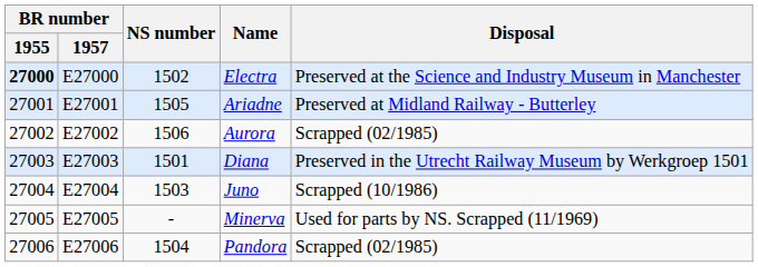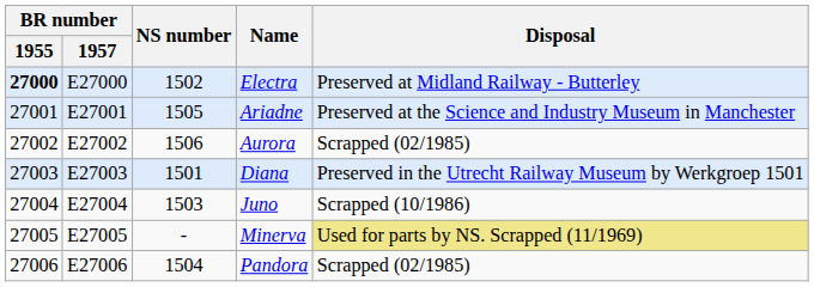 <table class="wikitable">
 <tr>
 <th colspan=2>BR number</th>
 <th rowspan=2>NS number</th>
 <th rowspan=2>Name<br></th>
 <th rowspan=2>Disposal</th>
 </tr>
 <tr>
 <th>1955</th>
 <th>1957</th>
 </tr>
 <tr>
 <td style="background:#deebfc;" align=center><strong>27000</strong></td>
 <td style="background:#deebfc;" align=center>E27000</td>
 <td style="background:#deebfc;" align=center>1502</td>
 <td style="background:#deebfc;"><em><a href='#'>Electra</a></em></td>
-<td style="background:#deebfc;">Preserved at the <a href='#'>Science and Industry Museum</a> in <a href='#'>Manchester</a></td>
+<td style="background:#deebfc;">Preserved at <a href='#'>Midland Railway - Butterley</a></td>
 </tr>
 <tr>
 <td style="background:#deebfc;" align=center>27001</td>
 <td style="background:#deebfc;" align=center>E27001</td>
 <td style="background:#deebfc;" align=center>1505</td>
 <td style="background:#deebfc;"><em><a href='#'>Ariadne</a></em></td>
-<td style="background:#deebfc;">Preserved at <a href='#'>Midland Railway - Butterley</a></td>
+<td style="background:#deebfc;">Preserved at the <a href='#'>Science and Industry Museum</a> in <a href='#'>Manchester</a></td>
 </tr>
 <tr>
 <td align=center>27002</td>
 <td align=center>E27002</td>
 <td align=center>1506</td>
 <td><em><a href='#'>Aurora</a></em></td>
 <td>Scrapped (02/1985)</td>
 </tr>
 <tr>
 <td style="background:#deebfc;" align=center>27003</td>
 <td style="background:#deebfc;" align=center>E27003</td>
 <td style="background:#deebfc;" align=center>1501</td>
 <td style="background:#deebfc;"><em><a href='#'>Diana</a></em></td>
 <td style="background:#deebfc;">Preserved in the <a href='#'>Utrecht Railway Museum</a> by Werkgroep 1501</td>
 </tr>
 <tr>
 <td align=center>27004</td>
 <td align=center>E27004</td>
 <td align=center>1503</td>
 <td><em><a href='#'>Juno</a></em></td>
 <td>Scrapped (10/1986)</td>
 </tr>
 <tr>
 <td align=center>27005</td>
 <td align=center>E27005</td>
 <td align=center>-</td>
 <td><em><a href='#'>Minerva</a></em></td>
-<td>Used for parts by NS. Scrapped (11/1969)</td>
+<td style="background: khaki;">Used for parts by NS. Scrapped (11/1969)</td>
 </tr>
 <tr>
 <td align=center>27006</td>
 <td align=center>E27006</td>
 <td align=center>1504</td>
 <td><em><a href='#'>Pandora</a></em></td>
 <td>Scrapped (02/1985)</td>
 </tr>
 </table>
